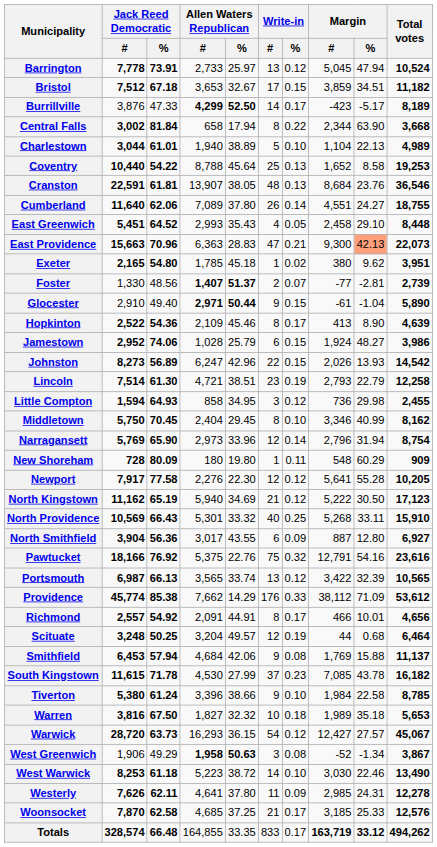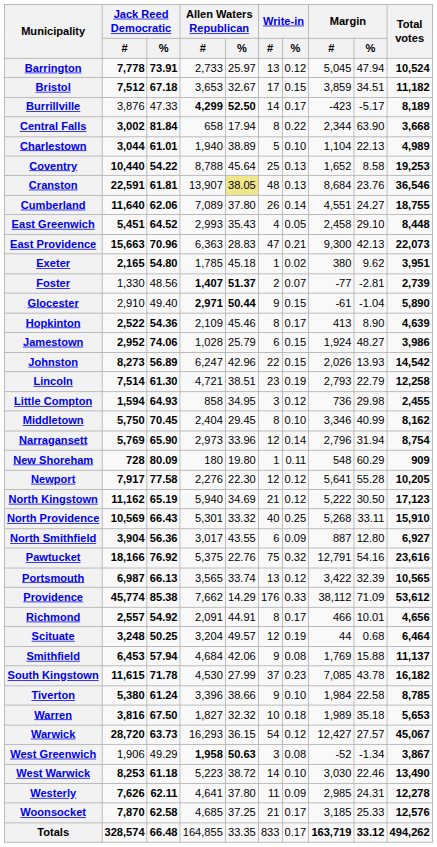 <table class="wikitable sortable" style="text-align:right;font-size:90%;line-height:1.3">
 <tr>
 <th rowspan="2">Municipality</th>
 <th colspan="2"><a href='#'>Jack Reed</a><br><a href='#'>Democratic</a></th>
 <th colspan="2">Allen Waters<br><a href='#'>Republican</a></th>
 <th colspan="2"><a href='#'>Write-in</a></th>
 <th colspan="2">Margin</th>
 <th rowspan="2">Total<br>votes</th>
 </tr>
 <tr>
 <th data-sort-type="number">#</th>
 <th data-sort-type="number">%</th>
 <th data-sort-type="number">#</th>
 <th data-sort-type="number">%</th>
 <th data-sort-type="number">#</th>
 <th data-sort-type="number">%</th>
 <th data-sort-type="number">#</th>
 <th data-sort-type="number">%</th>
 </tr>
 <tr>
 <th><a href='#'>Barrington</a></th>
 <td><strong>7,778</strong></td>
 <td><strong>73.91</strong></td>
 <td>2,733</td>
 <td>25.97</td>
 <td>13</td>
 <td>0.12</td>
 <td>5,045</td>
 <td>47.94</td>
 <td><strong>10,524</strong></td>
 </tr>
 <tr>
 <th><a href='#'>Bristol</a></th>
 <td><strong>7,512</strong></td>
 <td><strong>67.18</strong></td>
 <td>3,653</td>
 <td>32.67</td>
 <td>17</td>
 <td>0.15</td>
 <td>3,859</td>
 <td>34.51</td>
 <td><strong>11,182</strong></td>
 </tr>
 <tr>
 <th><a href='#'>Burrillville</a></th>
 <td>3,876</td>
 <td>47.33</td>
 <td><strong>4,299</strong></td>
 <td><strong>52.50</strong></td>
 <td>14</td>
 <td>0.17</td>
 <td>-423</td>
 <td>-5.17</td>
 <td><strong>8,189</strong></td>
 </tr>
 <tr>
 <th><a href='#'>Central Falls</a></th>
 <td><strong>3,002</strong></td>
 <td><strong>81.84</strong></td>
 <td>658</td>
 <td>17.94</td>
 <td>8</td>
 <td>0.22</td>
 <td>2,344</td>
 <td>63.90</td>
 <td><strong>3,668</strong></td>
 </tr>
 <tr>
 <th><a href='#'>Charlestown</a></th>
 <td><strong>3,044</strong></td>
 <td><strong>61.01</strong></td>
 <td>1,940</td>
 <td>38.89</td>
 <td>5</td>
 <td>0.10</td>
 <td>1,104</td>
 <td>22.13</td>
 <td><strong>4,989</strong></td>
 </tr>
 <tr>
 <th><a href='#'>Coventry</a></th>
 <td><strong>10,440</strong></td>
 <td><strong>54.22</strong></td>
 <td>8,788</td>
 <td>45.64</td>
 <td>25</td>
 <td>0.13</td>
 <td>1,652</td>
 <td>8.58</td>
 <td><strong>19,253</strong></td>
 </tr>
 <tr>
 <th><a href='#'>Cranston</a></th>
 <td><strong>22,591</strong></td>
 <td><strong>61.81</strong></td>
 <td>13,907</td>
-<td>38.05</td>
+<td style="background: khaki;">38.05</td>
 <td>48</td>
 <td>0.13</td>
 <td>8,684</td>
 <td>23.76</td>
 <td><strong>36,546</strong></td>
 </tr>
 <tr>
 <th><a href='#'>Cumberland</a></th>
 <td><strong>11,640</strong></td>
 <td><strong>62.06</strong></td>
 <td>7,089</td>
 <td>37.80</td>
 <td>26</td>
 <td>0.14</td>
 <td>4,551</td>
 <td>24.27</td>
 <td><strong>18,755</strong></td>
 </tr>
 <tr>
 <th><a href='#'>East Greenwich</a></th>
 <td><strong>5,451</strong></td>
 <td><strong>64.52</strong></td>
 <td>2,993</td>
 <td>35.43</td>
 <td>4</td>
 <td>0.05</td>
 <td>2,458</td>
 <td>29.10</td>
 <td><strong>8,448</strong></td>
 </tr>
 <tr>
 <th><a href='#'>East Providence</a></th>
 <td><strong>15,663</strong></td>
 <td><strong>70.96</strong></td>
 <td>6,363</td>
 <td>28.83</td>
 <td>47</td>
 <td>0.21</td>
 <td>9,300</td>
-<td style="background: lightsalmon;">42.13</td>
+<td>42.13</td>
 <td><strong>22,073</strong></td>
 </tr>
 <tr>
 <th><a href='#'>Exeter</a></th>
 <td><strong>2,165</strong></td>
 <td><strong>54.80</strong></td>
 <td>1,785</td>
 <td>45.18</td>
 <td>1</td>
 <td>0.02</td>
 <td>380</td>
 <td>9.62</td>
 <td><strong>3,951</strong></td>
 </tr>
 <tr>
 <th><a href='#'>Foster</a></th>
 <td>1,330</td>
 <td>48.56</td>
 <td><strong>1,407</strong></td>
 <td><strong>51.37</strong></td>
 <td>2</td>
 <td>0.07</td>
 <td>-77</td>
 <td>-2.81</td>
 <td><strong>2,739</strong></td>
 </tr>
 <tr>
 <th><a href='#'>Glocester</a></th>
 <td>2,910</td>
 <td>49.40</td>
 <td><strong>2,971</strong></td>
 <td><strong>50.44</strong></td>
 <td>9</td>
 <td>0.15</td>
 <td>-61</td>
 <td>-1.04</td>
 <td><strong>5,890</strong></td>
 </tr>
 <tr>
 <th><a href='#'>Hopkinton</a></th>
 <td><strong>2,522</strong></td>
 <td><strong>54.36</strong></td>
 <td>2,109</td>
 <td>45.46</td>
 <td>8</td>
 <td>0.17</td>
 <td>413</td>
 <td>8.90</td>
 <td><strong>4,639</strong></td>
 </tr>
 <tr>
 <th><a href='#'>Jamestown</a></th>
 <td><strong>2,952</strong></td>
 <td><strong>74.06</strong></td>
 <td>1,028</td>
 <td>25.79</td>
 <td>6</td>
 <td>0.15</td>
 <td>1,924</td>
 <td>48.27</td>
 <td><strong>3,986</strong></td>
 </tr>
 <tr>
 <th><a href='#'>Johnston</a></th>
 <td><strong>8,273</strong></td>
 <td><strong>56.89</strong></td>
 <td>6,247</td>
 <td>42.96</td>
 <td>22</td>
 <td>0.15</td>
 <td>2,026</td>
 <td>13.93</td>
 <td><strong>14,542</strong></td>
 </tr>
 <tr>
 <th><a href='#'>Lincoln</a></th>
 <td><strong>7,514</strong></td>
 <td><strong>61.30</strong></td>
 <td>4,721</td>
 <td>38.51</td>
 <td>23</td>
 <td>0.19</td>
 <td>2,793</td>
 <td>22.79</td>
 <td><strong>12,258</strong></td>
 </tr>
 <tr>
 <th><a href='#'>Little Compton</a></th>
 <td><strong>1,594</strong></td>
 <td><strong>64.93</strong></td>
 <td>858</td>
 <td>34.95</td>
 <td>3</td>
 <td>0.12</td>
 <td>736</td>
 <td>29.98</td>
 <td><strong>2,455</strong></td>
 </tr>
 <tr>
 <th><a href='#'>Middletown</a></th>
 <td><strong>5,750</strong></td>
 <td><strong>70.45</strong></td>
 <td>2,404</td>
 <td>29.45</td>
 <td>8</td>
 <td>0.10</td>
 <td>3,346</td>
 <td>40.99</td>
 <td><strong>8,162</strong></td>
 </tr>
 <tr>
 <th><a href='#'>Narragansett</a></th>
 <td><strong>5,769</strong></td>
 <td><strong>65.90</strong></td>
 <td>2,973</td>
 <td>33.96</td>
 <td>12</td>
 <td>0.14</td>
 <td>2,796</td>
 <td>31.94</td>
 <td><strong>8,754</strong></td>
 </tr>
 <tr>
 <th><a href='#'>New Shoreham</a></th>
 <td><strong>728</strong></td>
 <td><strong>80.09</strong></td>
 <td>180</td>
 <td>19.80</td>
 <td>1</td>
 <td>0.11</td>
 <td>548</td>
 <td>60.29</td>
 <td><strong>909</strong></td>
 </tr>
 <tr>
 <th><a href='#'>Newport</a></th>
 <td><strong>7,917</strong></td>
 <td><strong>77.58</strong></td>
 <td>2,276</td>
 <td>22.30</td>
 <td>12</td>
 <td>0.12</td>
 <td>5,641</td>
 <td>55.28</td>
 <td><strong>10,205</strong></td>
 </tr>
 <tr>
 <th><a href='#'>North Kingstown</a></th>
 <td><strong>11,162</strong></td>
 <td><strong>65.19</strong></td>
 <td>5,940</td>
 <td>34.69</td>
 <td>21</td>
 <td>0.12</td>
 <td>5,222</td>
 <td>30.50</td>
 <td><strong>17,123</strong></td>
 </tr>
 <tr>
 <th><a href='#'>North Providence</a></th>
 <td><strong>10,569</strong></td>
 <td><strong>66.43</strong></td>
 <td>5,301</td>
 <td>33.32</td>
 <td>40</td>
 <td>0.25</td>
 <td>5,268</td>
 <td>33.11</td>
 <td><strong>15,910</strong></td>
 </tr>
 <tr>
 <th><a href='#'>North Smithfield</a></th>
 <td><strong>3,904</strong></td>
 <td><strong>56.36</strong></td>
 <td>3,017</td>
 <td>43.55</td>
 <td>6</td>
 <td>0.09</td>
 <td>887</td>
 <td>12.80</td>
 <td><strong>6,927</strong></td>
 </tr>
 <tr>
 <th><a href='#'>Pawtucket</a></th>
 <td><strong>18,166</strong></td>
 <td><strong>76.92</strong></td>
 <td>5,375</td>
 <td>22.76</td>
 <td>75</td>
 <td>0.32</td>
 <td>12,791</td>
 <td>54.16</td>
 <td><strong>23,616</strong></td>
 </tr>
 <tr>
 <th><a href='#'>Portsmouth</a></th>
 <td><strong>6,987</strong></td>
 <td><strong>66.13</strong></td>
 <td>3,565</td>
 <td>33.74</td>
 <td>13</td>
 <td>0.12</td>
 <td>3,422</td>
 <td>32.39</td>
 <td><strong>10,565</strong></td>
 </tr>
 <tr>
 <th><a href='#'>Providence</a></th>
 <td><strong>45,774</strong></td>
 <td><strong>85.38</strong></td>
 <td>7,662</td>
 <td>14.29</td>
 <td>176</td>
 <td>0.33</td>
 <td>38,112</td>
 <td>71.09</td>
 <td><strong>53,612</strong></td>
 </tr>
 <tr>
 <th><a href='#'>Richmond</a></th>
 <td><strong>2,557</strong></td>
 <td><strong>54.92</strong></td>
 <td>2,091</td>
 <td>44.91</td>
 <td>8</td>
 <td>0.17</td>
 <td>466</td>
 <td>10.01</td>
 <td><strong>4,656</strong></td>
 </tr>
 <tr>
 <th><a href='#'>Scituate</a></th>
 <td><strong>3,248</strong></td>
 <td><strong>50.25</strong></td>
 <td>3,204</td>
 <td>49.57</td>
 <td>12</td>
 <td>0.19</td>
 <td>44</td>
 <td>0.68</td>
 <td><strong>6,464</strong></td>
 </tr>
 <tr>
 <th><a href='#'>Smithfield</a></th>
 <td><strong>6,453</strong></td>
 <td><strong>57.94</strong></td>
 <td>4,684</td>
 <td>42.06</td>
 <td>9</td>
 <td>0.08</td>
 <td>1,769</td>
 <td>15.88</td>
 <td><strong>11,137</strong></td>
 </tr>
 <tr>
 <th><a href='#'>South Kingstown</a></th>
 <td><strong>11,615</strong></td>
 <td><strong>71.78</strong></td>
 <td>4,530</td>
 <td>27.99</td>
 <td>37</td>
 <td>0.23</td>
 <td>7,085</td>
 <td>43.78</td>
 <td><strong>16,182</strong></td>
 </tr>
 <tr>
 <th><a href='#'>Tiverton</a></th>
 <td><strong>5,380</strong></td>
 <td><strong>61.24</strong></td>
 <td>3,396</td>
 <td>38.66</td>
 <td>9</td>
 <td>0.10</td>
 <td>1,984</td>
 <td>22.58</td>
 <td><strong>8,785</strong></td>
 </tr>
 <tr>
 <th><a href='#'>Warren</a></th>
 <td><strong>3,816</strong></td>
 <td><strong>67.50</strong></td>
 <td>1,827</td>
 <td>32.32</td>
 <td>10</td>
 <td>0.18</td>
 <td>1,989</td>
 <td>35.18</td>
 <td><strong>5,653</strong></td>
 </tr>
 <tr>
 <th><a href='#'>Warwick</a></th>
 <td><strong>28,720</strong></td>
 <td><strong>63.73</strong></td>
 <td>16,293</td>
 <td>36.15</td>
 <td>54</td>
 <td>0.12</td>
 <td>12,427</td>
 <td>27.57</td>
 <td><strong>45,067</strong></td>
 </tr>
 <tr>
 <th><a href='#'>West Greenwich</a></th>
 <td>1,906</td>
 <td>49.29</td>
 <td><strong>1,958</strong></td>
 <td><strong>50.63</strong></td>
 <td>3</td>
 <td>0.08</td>
 <td>-52</td>
 <td>-1.34</td>
 <td><strong>3,867</strong></td>
 </tr>
 <tr>
 <th><a href='#'>West Warwick</a></th>
 <td><strong>8,253</strong></td>
 <td><strong>61.18</strong></td>
 <td>5,223</td>
 <td>38.72</td>
 <td>14</td>
 <td>0.10</td>
 <td>3,030</td>
 <td>22.46</td>
 <td><strong>13,490</strong></td>
 </tr>
 <tr>
 <th><a href='#'>Westerly</a></th>
 <td><strong>7,626</strong></td>
 <td><strong>62.11</strong></td>
 <td>4,641</td>
 <td>37.80</td>
 <td>11</td>
 <td>0.09</td>
 <td>2,985</td>
 <td>24.31</td>
 <td><strong>12,278</strong></td>
 </tr>
 <tr>
 <th><a href='#'>Woonsocket</a></th>
 <td><strong>7,870</strong></td>
 <td><strong>62.58</strong></td>
 <td>4,685</td>
 <td>37.25</td>
 <td>21</td>
 <td>0.17</td>
 <td>3,185</td>
 <td>25.33</td>
 <td><strong>12,576</strong></td>
 </tr>
 <tr class="sortbottom">
 <th>Totals</th>
 <td><strong>328,574</strong></td>
 <td><strong>66.48</strong></td>
 <td>164,855</td>
 <td>33.35</td>
 <td>833</td>
 <td>0.17</td>
 <td><strong>163,719</strong></td>
 <td><strong>33.12</strong></td>
 <td><strong>494,262</strong></td>
 </tr>
 </table>
